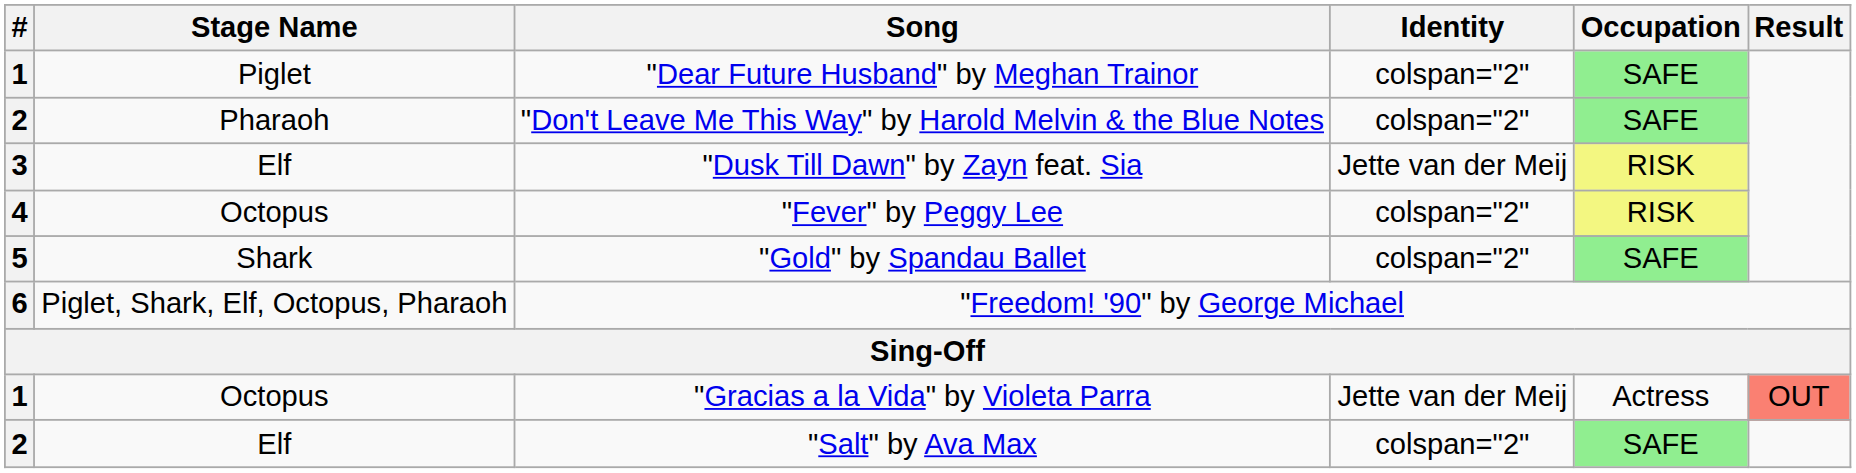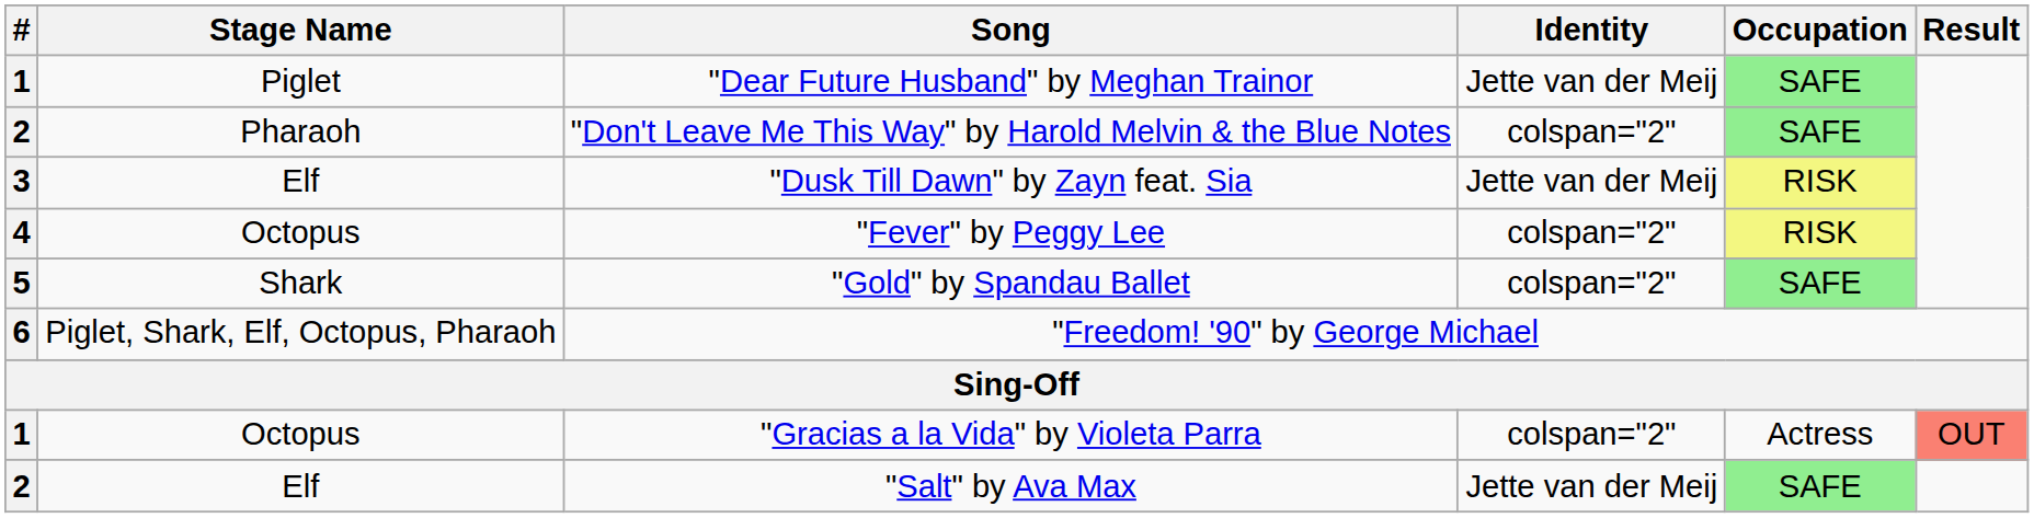 <table class="wikitable plainrowheaders" style="text-align: center;">
 <tr>
 <th><strong>#</strong></th>
 <th><strong>Stage Name</strong></th>
 <th><strong>Song</strong></th>
 <th>Identity</th>
 <th><strong>Occupation</strong></th>
 <th>Result</th>
 </tr>
 <tr>
 <th>1</th>
 <td>Piglet</td>
 <td>"<a href='#'>Dear Future Husband</a>" by <a href='#'>Meghan Trainor</a></td>
-<td>colspan="2" </td>
+<td>Jette van der Meij</td>
 <td bgcolor="lightgreen">SAFE</td>
 </tr>
 <tr>
 <th>2</th>
 <td>Pharaoh</td>
 <td>"<a href='#'>Don't Leave Me This Way</a>" by <a href='#'>Harold Melvin & the Blue Notes</a></td>
 <td>colspan="2" </td>
 <td bgcolor="lightgreen">SAFE</td>
 </tr>
 <tr>
 <th>3</th>
 <td>Elf</td>
 <td>"<a href='#'>Dusk Till Dawn</a>" by <a href='#'>Zayn</a> feat. <a href='#'>Sia</a></td>
 <td>Jette van der Meij</td>
 <td bgcolor="#F3F781">RISK</td>
 </tr>
 <tr>
 <th>4</th>
 <td>Octopus</td>
 <td>"<a href='#'>Fever</a>" by <a href='#'>Peggy Lee</a></td>
 <td>colspan="2" </td>
 <td bgcolor="#F3F781">RISK</td>
 </tr>
 <tr>
 <th>5</th>
 <td>Shark</td>
 <td>"<a href='#'>Gold</a>" by <a href='#'>Spandau Ballet</a></td>
 <td>colspan="2" </td>
 <td bgcolor="lightgreen">SAFE</td>
 </tr>
 <tr>
 <th>6</th>
 <td>Piglet, Shark, Elf, Octopus, Pharaoh</td>
 <td colspan="4">"<a href='#'>Freedom! '90</a>" by <a href='#'>George Michael</a></td>
 </tr>
 <tr>
 <th colspan="6">Sing-Off</th>
 </tr>
 <tr>
 <th>1</th>
 <td>Octopus</td>
 <td>"<a href='#'>Gracias a la Vida</a>" by <a href='#'>Violeta Parra</a></td>
-<td>Jette van der Meij</td>
+<td>colspan="2" </td>
 <td>Actress</td>
 <td bgcolor=salmon>OUT</td>
 </tr>
 <tr>
 <th>2</th>
 <td>Elf</td>
 <td>"<a href='#'>Salt</a>" by <a href='#'>Ava Max</a></td>
-<td>colspan="2" </td>
+<td>Jette van der Meij</td>
 <td bgcolor="lightgreen">SAFE</td>
 </tr>
 </table>
